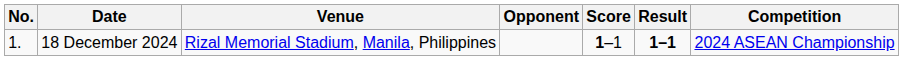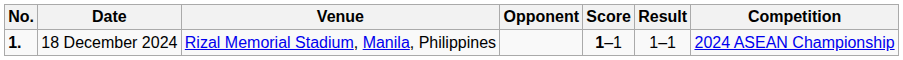 <table class="wikitable">
 <tr>
 <th>No.</th>
 <th>Date</th>
 <th>Venue</th>
 <th>Opponent</th>
 <th>Score</th>
 <th>Result</th>
 <th>Competition</th>
 </tr>
 <tr>
-<td>1.</td>
+<td><strong>1.</strong></td>
 <td>18 December 2024</td>
 <td><a href='#'>Rizal Memorial Stadium</a>, <a href='#'>Manila</a>, Philippines</td>
 <td></td>
 <td align=center><strong>1</strong>–1</td>
-<td align=center><strong>1–1</strong></td>
+<td align=center>1–1</td>
 <td><a href='#'>2024 ASEAN Championship</a></td>
 </tr>
 <tr>
 </tr>
 </table>
